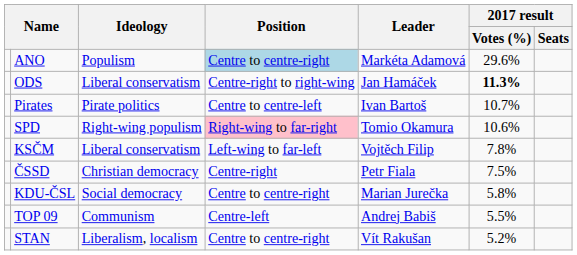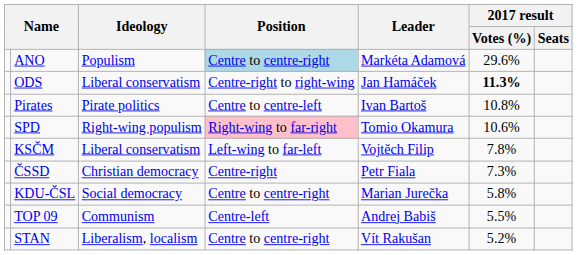 <table class="wikitable">
 <tr>
 <th rowspan="2" colspan=2>Name</th>
 <th rowspan="2">Ideology</th>
 <th rowspan="2">Position</th>
 <th rowspan="2">Leader</th>
 <th colspan="2">2017 result</th>
 </tr>
 <tr>
 <th>Votes (%)</th>
 <th>Seats</th>
 </tr>
 <tr>
 <td style="color:inherit;background:"></td>
 <td><a href='#'>ANO</a></td>
 <td><a href='#'>Populism</a></td>
 <td style="background: lightblue;"><a href='#'>Centre</a> to <a href='#'>centre-right</a></td>
 <td><a href='#'>Markéta Adamová</a></td>
 <td style="text-align:center;">29.6%</td>
 <td></td>
 </tr>
 <tr>
 <td style="color:inherit;background:"></td>
 <td><a href='#'>ODS</a></td>
 <td><a href='#'>Liberal conservatism</a></td>
 <td><a href='#'>Centre-right</a> to <a href='#'>right-wing</a></td>
 <td><a href='#'>Jan Hamáček</a></td>
 <td style="text-align:center;"><strong>11.3%</strong></td>
 <td></td>
 </tr>
 <tr>
 <td style="color:inherit;background:"></td>
 <td><a href='#'>Pirates</a></td>
 <td><a href='#'>Pirate politics</a></td>
 <td><a href='#'>Centre</a> to <a href='#'>centre-left</a></td>
 <td><a href='#'>Ivan Bartoš</a></td>
-<td style="text-align:center;">10.7%</td>
+<td style="text-align:center;">10.8%</td>
 <td></td>
 </tr>
 <tr>
 <td style="color:inherit;background:"></td>
 <td><a href='#'>SPD</a></td>
 <td><a href='#'>Right-wing populism</a></td>
 <td style="background: pink;"><a href='#'>Right-wing</a> to <a href='#'>far-right</a></td>
 <td><a href='#'>Tomio Okamura</a></td>
 <td style="text-align:center;">10.6%</td>
 <td></td>
 </tr>
 <tr>
 <td style="color:inherit;background:"></td>
 <td><a href='#'>KSČM</a></td>
 <td><a href='#'>Liberal conservatism</a></td>
 <td><a href='#'>Left-wing</a> to <a href='#'>far-left</a></td>
 <td><a href='#'>Vojtěch Filip</a></td>
 <td style="text-align:center;">7.8%</td>
 <td></td>
 </tr>
 <tr>
 <td style="color:inherit;background:"></td>
 <td><a href='#'>ČSSD</a></td>
 <td><a href='#'>Christian democracy</a></td>
 <td><a href='#'>Centre-right</a></td>
 <td><a href='#'>Petr Fiala</a></td>
-<td style="text-align:center;">7.5%</td>
+<td style="text-align:center;">7.3%</td>
 <td></td>
 </tr>
 <tr>
 <td style="color:inherit;background:"></td>
 <td><a href='#'>KDU-ČSL</a></td>
 <td><a href='#'>Social democracy</a></td>
 <td><a href='#'>Centre</a> to <a href='#'>centre-right</a></td>
 <td><a href='#'>Marian Jurečka</a></td>
 <td style="text-align:center;">5.8%</td>
 <td></td>
 </tr>
 <tr>
 <td style="color:inherit;background:"></td>
 <td><a href='#'>TOP 09</a></td>
 <td><a href='#'>Communism</a></td>
 <td><a href='#'>Centre-left</a></td>
 <td><a href='#'>Andrej Babiš</a></td>
 <td style="text-align:center;">5.5%</td>
 <td></td>
 </tr>
 <tr>
 <td style="color:inherit;background:"></td>
 <td><a href='#'>STAN</a></td>
 <td><a href='#'>Liberalism</a>, <a href='#'>localism</a></td>
 <td><a href='#'>Centre</a> to <a href='#'>centre-right</a></td>
 <td><a href='#'>Vít Rakušan</a></td>
 <td style="text-align:center;">5.2%</td>
 <td></td>
 </tr>
 </table>
